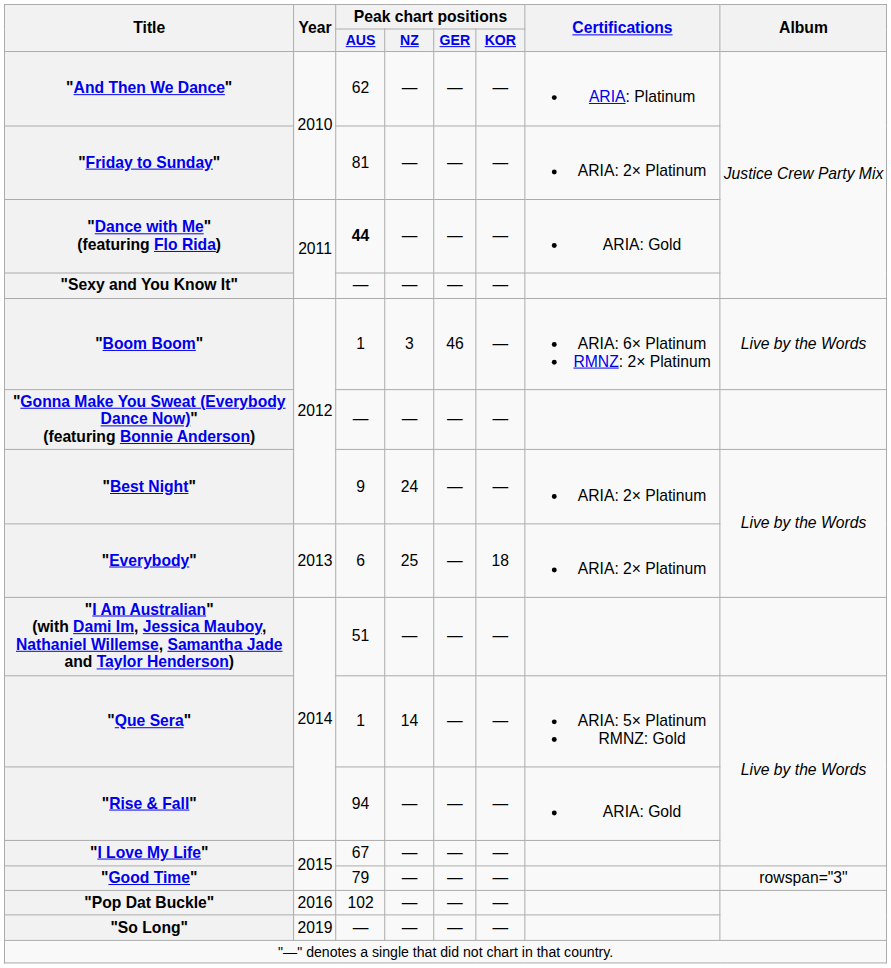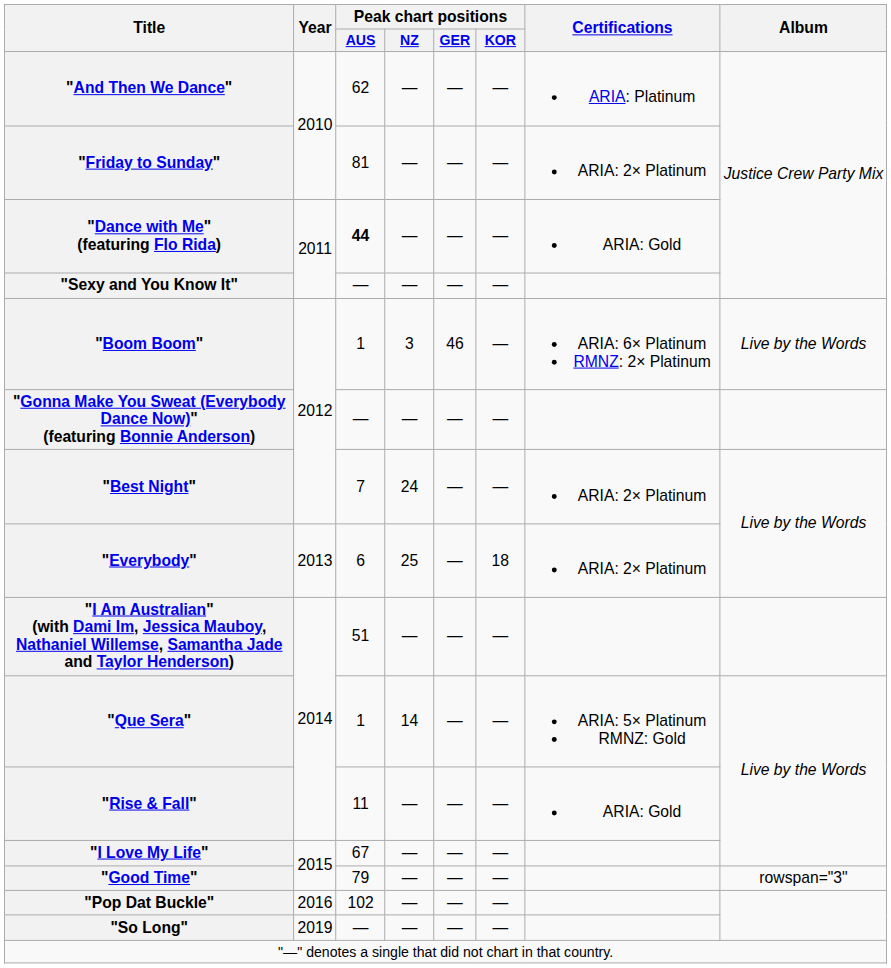 <table class="wikitable plainrowheaders" style="text-align:center;">
 <tr>
 <th scope="col" rowspan="2" style="width:18em;">Title</th>
 <th scope="col" rowspan="2">Year</th>
 <th scope="col" colspan="4">Peak chart positions</th>
 <th scope="col" rowspan="2" style="width:12em;"><a href='#'>Certifications</a></th>
 <th scope="col" rowspan="2">Album</th>
 </tr>
 <tr>
 <th scope="col" style="width:3em;font-size:90%;"><a href='#'>AUS</a><br></th>
 <th scope="col" style="width:3em;font-size:90%;"><a href='#'>NZ</a><br></th>
 <th style="width:2.5em;font-size:90%"><a href='#'>GER</a><br></th>
 <th scope="col" style="width:3em;font-size:90%;"><a href='#'>KOR</a><br></th>
 </tr>
 <tr>
 <th scope="row">"<a href='#'>And Then We Dance</a>"</th>
 <td rowspan="2">2010</td>
 <td>62</td>
 <td>—</td>
 <td>—</td>
 <td>—</td>
 <td><br><ul><li><a href='#'>ARIA</a>: Platinum</li></ul></td>
 <td rowspan="4"><em>Justice Crew Party Mix</em></td>
 </tr>
 <tr>
 <th scope="row">"<a href='#'>Friday to Sunday</a>"</th>
 <td>81</td>
 <td>—</td>
 <td>—</td>
 <td>—</td>
 <td><br><ul><li>ARIA: 2× Platinum</li></ul></td>
 </tr>
 <tr>
 <th scope="row">"<a href='#'>Dance with Me</a>"<br><span>(featuring <a href='#'>Flo Rida</a>)</span></th>
 <td rowspan="2">2011</td>
 <td><strong>44</strong></td>
 <td>—</td>
 <td>—</td>
 <td>—</td>
 <td><br><ul><li>ARIA: Gold</li></ul></td>
 </tr>
 <tr>
 <th scope="row">"Sexy and You Know It"</th>
 <td>—</td>
 <td>—</td>
 <td>—</td>
 <td>—</td>
 <td></td>
 </tr>
 <tr>
 <th scope="row">"<a href='#'>Boom Boom</a>"</th>
 <td rowspan="3">2012</td>
 <td>1</td>
 <td>3</td>
 <td>46</td>
 <td>—</td>
 <td><br><ul><li>ARIA: 6× Platinum</li><li><a href='#'>RMNZ</a>: 2× Platinum</li></ul></td>
 <td><em>Live by the Words</em></td>
 </tr>
 <tr>
 <th scope="row">"<a href='#'>Gonna Make You Sweat (Everybody Dance Now)</a>"<br><span>(featuring <a href='#'>Bonnie Anderson</a>)</span></th>
 <td>—</td>
 <td>—</td>
 <td>—</td>
 <td>—</td>
 <td></td>
 <td></td>
 </tr>
 <tr>
 <th scope="row">"<a href='#'>Best Night</a>"</th>
-<td>9</td>
+<td>7</td>
 <td>24</td>
 <td>—</td>
 <td>—</td>
 <td><br><ul><li>ARIA: 2× Platinum</li></ul></td>
 <td rowspan="2"><em>Live by the Words</em></td>
 </tr>
 <tr>
 <th scope="row">"<a href='#'>Everybody</a>"</th>
 <td>2013</td>
 <td>6</td>
 <td>25</td>
 <td>—</td>
 <td>18</td>
 <td><br><ul><li>ARIA: 2× Platinum</li></ul></td>
 </tr>
 <tr>
 <th scope="row">"<a href='#'>I Am Australian</a>"<br><span>(with <a href='#'>Dami Im</a>, <a href='#'>Jessica Mauboy</a>, <a href='#'>Nathaniel Willemse</a>, <a href='#'>Samantha Jade</a> and <a href='#'>Taylor Henderson</a>)</span></th>
 <td rowspan="3">2014</td>
 <td>51</td>
 <td>—</td>
 <td>—</td>
 <td>—</td>
 <td></td>
 <td></td>
 </tr>
 <tr>
 <th scope="row">"<a href='#'>Que Sera</a>"</th>
 <td>1</td>
 <td>14</td>
 <td>—</td>
 <td>—</td>
 <td><br><ul><li>ARIA: 5× Platinum</li><li>RMNZ: Gold</li></ul></td>
 <td rowspan="3"><em>Live by the Words</em></td>
 </tr>
 <tr>
 <th scope="row">"<a href='#'>Rise & Fall</a>"</th>
-<td>94</td>
+<td>11</td>
 <td>—</td>
 <td>—</td>
 <td>—</td>
 <td><br><ul><li>ARIA: Gold</li></ul></td>
 </tr>
 <tr>
 <th scope="row">"<a href='#'>I Love My Life</a>"</th>
 <td rowspan="2">2015</td>
 <td>67</td>
 <td>—</td>
 <td>—</td>
 <td>—</td>
 <td></td>
 </tr>
 <tr>
 <th scope="row">"<a href='#'>Good Time</a>"</th>
 <td>79</td>
 <td>—</td>
 <td>—</td>
 <td>—</td>
 <td></td>
 <td>rowspan="3" </td>
 </tr>
 <tr>
 <th scope="row">"Pop Dat Buckle"</th>
 <td>2016</td>
 <td>102</td>
 <td>—</td>
 <td>—</td>
 <td>—</td>
 <td></td>
 </tr>
 <tr>
 <th scope="row">"So Long"</th>
 <td>2019</td>
 <td>—</td>
 <td>—</td>
 <td>—</td>
 <td>—</td>
 <td></td>
 </tr>
 <tr>
 <td colspan="8" style="font-size:90%">"—" denotes a single that did not chart in that country.</td>
 </tr>
 </table>
